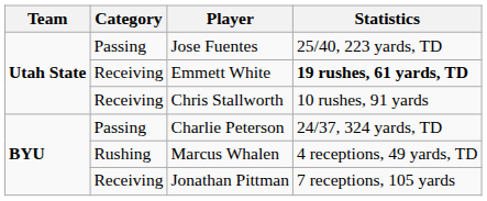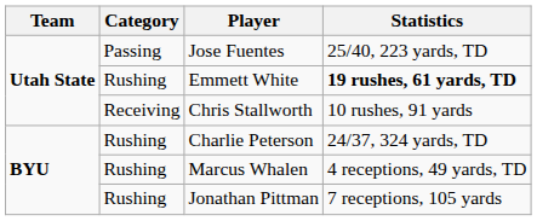 <table class="wikitable" style="float: left;">
 <tr>
 <th>Team</th>
 <th>Category</th>
 <th>Player</th>
 <th>Statistics</th>
 </tr>
 <tr>
 <td rowspan=3><strong>Utah State</strong></td>
 <td>Passing</td>
 <td>Jose Fuentes</td>
 <td>25/40, 223 yards, TD</td>
 </tr>
 <tr>
-<td>Receiving</td>
+<td>Rushing</td>
 <td>Emmett White</td>
 <td><strong>19 rushes, 61 yards, TD</strong></td>
 </tr>
 <tr>
 <td>Receiving</td>
 <td>Chris Stallworth</td>
 <td>10 rushes, 91 yards</td>
 </tr>
 <tr>
 <td rowspan=3><strong>BYU</strong></td>
-<td>Passing</td>
+<td>Rushing</td>
 <td>Charlie Peterson</td>
 <td>24/37, 324 yards, TD</td>
 </tr>
 <tr>
 <td>Rushing</td>
 <td>Marcus Whalen</td>
 <td>4 receptions, 49 yards, TD</td>
 </tr>
 <tr>
-<td>Receiving</td>
+<td>Rushing</td>
 <td>Jonathan Pittman</td>
 <td>7 receptions, 105 yards</td>
 </tr>
 </table>
